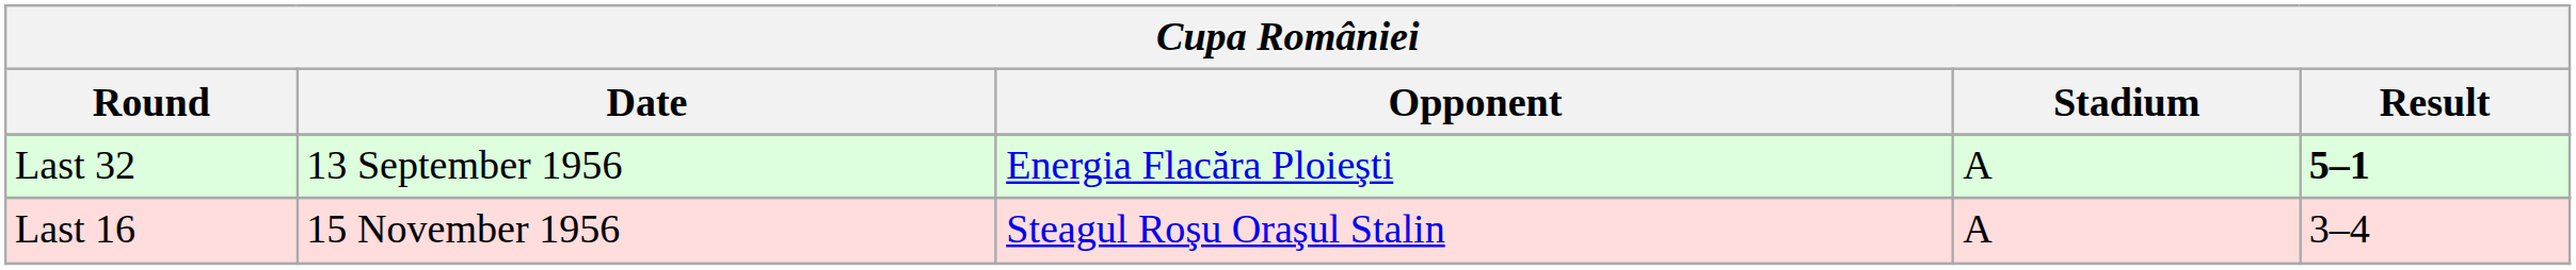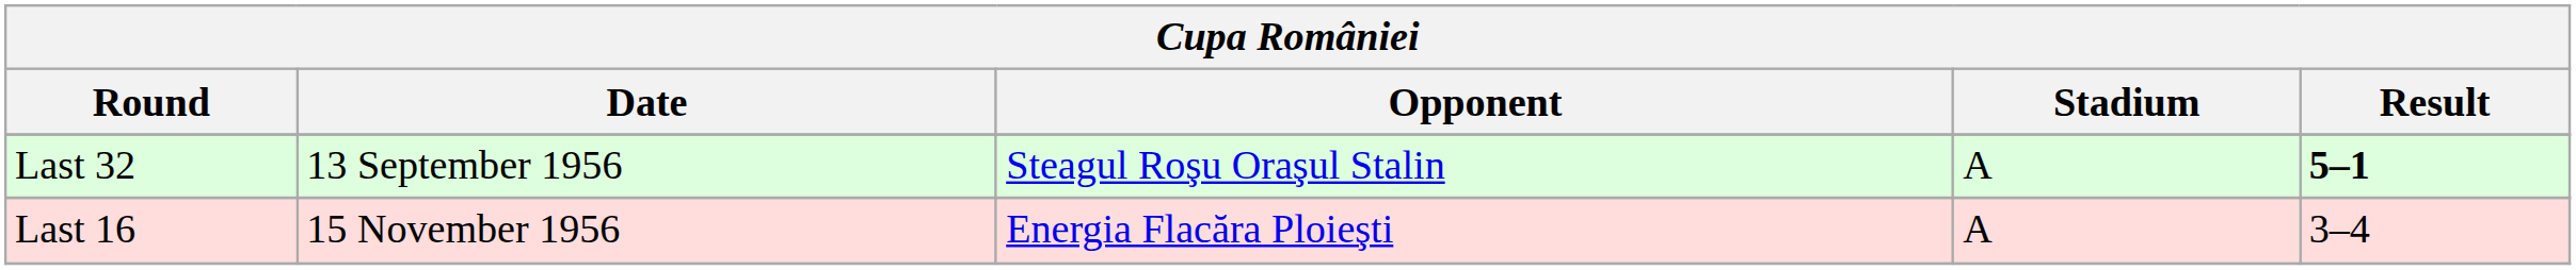 <table class="wikitable" style="width:80%;">
 <tr>
 <th colspan="5" style="text-align:center;"><em>Cupa României</em></th>
 </tr>
 <tr>
 <th>Round</th>
 <th>Date</th>
 <th>Opponent</th>
 <th>Stadium</th>
 <th>Result</th>
 </tr>
 <tr>
 </tr>
 <tr bgcolor="#ddffdd">
 <td>Last 32</td>
 <td>13 September 1956</td>
-<td><a href='#'>Energia Flacăra Ploieşti</a></td>
+<td><a href='#'>Steagul Roşu Oraşul Stalin</a></td>
 <td>A</td>
 <td><strong>5–1</strong></td>
 </tr>
 <tr>
 </tr>
 <tr bgcolor="#ffdddd">
 <td>Last 16</td>
 <td>15 November 1956</td>
-<td><a href='#'>Steagul Roşu Oraşul Stalin</a></td>
+<td><a href='#'>Energia Flacăra Ploieşti</a></td>
 <td>A</td>
 <td>3–4</td>
 </tr>
 <tr>
 </tr>
 </table>
